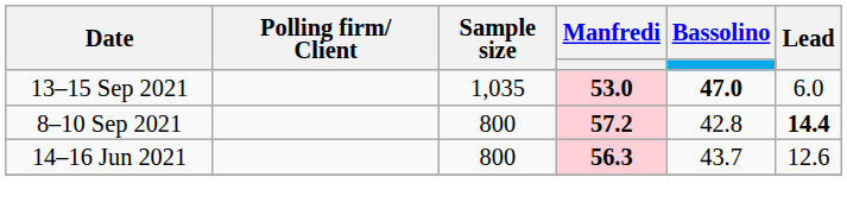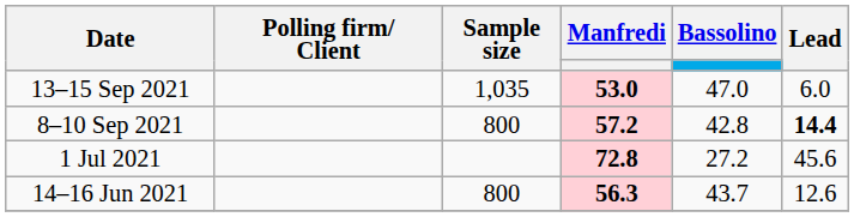 <table class=wikitable style="text-align:center;font-size:85%;line-height:13px">
 <tr style="height:30px; background-color:#E9E9E9">
 <th style="width:110px;" rowspan="2">Date</th>
 <th style="width:120px;" rowspan="2">Polling firm/<br>Client</th>
 <th style="width:60px;" rowspan="2">Sample size</th>
 <th style="width:55px;"><a href='#'>Manfredi</a></th>
 <th style="width:55px;"><a href='#'>Bassolino</a></th>
 <th style="width:30px;" rowspan="2">Lead</th>
 </tr>
 <tr>
 <th style="background:"></th>
 <th style="background:#01A9E8;”"></th>
 </tr>
 <tr>
 <td>13–15 Sep 2021</td>
 <td></td>
 <td>1,035</td>
 <td style="background:#FFD0D7"><strong>53.0</strong></td>
-<td><strong>47.0</strong></td>
+<td>47.0</td>
 <td style="background:">6.0</td>
 </tr>
 <tr>
 <td>8–10 Sep 2021</td>
 <td></td>
 <td>800</td>
 <td style="background:#FFD0D7"><strong>57.2</strong></td>
 <td>42.8</td>
 <td style="background:"><strong>14.4</strong></td>
+</tr>
+<tr>
+<td>1 Jul 2021</td>
+<td></td>
+<td></td>
+<td style="background:#FFD0D7"><strong>72.8</strong></td>
+<td>27.2</td>
+<td style="background:">45.6</td>
 </tr>
 <tr>
 <td>14–16 Jun 2021</td>
 <td></td>
 <td>800</td>
 <td style="background:#FFD0D7"><strong>56.3</strong></td>
 <td>43.7</td>
 <td style="background:">12.6</td>
 </tr>
 <tr>
 </tr>
 </table>
